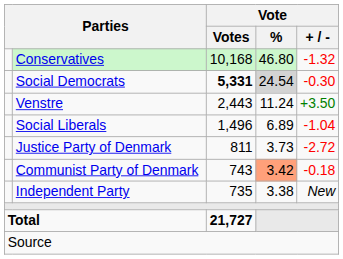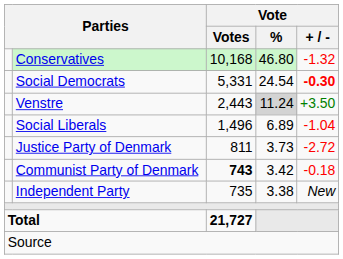 <table class="wikitable" style="text-align:right;">
 <tr>
 <th style="text-align:centre;" rowspan="2" colspan="2" width="225">Parties</th>
 <th colspan="3">Vote</th>
 </tr>
 <tr>
 <th width="15">Votes</th>
 <th width="15">%</th>
 <th width="15">+ / -</th>
 </tr>
 <tr>
 <td width="2" style="color:inherit;background:"></td>
 <td bgcolor=#ccf7cc  align="left"><a href='#'>Conservatives</a></td>
 <td bgcolor=#ccf7cc>10,168</td>
 <td bgcolor=#ccf7cc>46.80</td>
 <td style=color:red;>-1.32</td>
 </tr>
 <tr>
 <td width="2" style="color:inherit;background:"></td>
 <td align="left"><a href='#'>Social Democrats</a></td>
-<td><strong>5,331</strong></td>
-<td style="background: lightgrey;">24.54</td>
-<td style=color:red;>-0.30</td>
+<td>5,331</td>
+<td>24.54</td>
+<td style=color:red;><strong>-0.30</strong></td>
 </tr>
 <tr>
 <td width="2" style="color:inherit;background:"></td>
 <td align="left"><a href='#'>Venstre</a></td>
 <td>2,443</td>
-<td>11.24</td>
+<td style="background: lightgrey;">11.24</td>
 <td style=color:green;>+3.50</td>
 </tr>
 <tr>
 <td width="2" style="color:inherit;background:"></td>
 <td align="left"><a href='#'>Social Liberals</a></td>
 <td>1,496</td>
 <td>6.89</td>
 <td style=color:red;>-1.04</td>
 </tr>
 <tr>
 <td width="2" style="color:inherit;background:"></td>
 <td align="left"><a href='#'>Justice Party of Denmark</a></td>
 <td>811</td>
 <td>3.73</td>
 <td style=color:red;>-2.72</td>
 </tr>
 <tr>
 <td width="2" style="color:inherit;background:"></td>
 <td align="left"><a href='#'>Communist Party of Denmark</a></td>
-<td>743</td>
-<td style="background: lightsalmon;">3.42</td>
+<td><strong>743</strong></td>
+<td>3.42</td>
 <td style=color:red;>-0.18</td>
 </tr>
 <tr>
 <td width="2" style="color:inherit;background:"></td>
 <td align="left"><a href='#'>Independent Party</a></td>
 <td>735</td>
 <td>3.38</td>
 <td><em>New</em></td>
 </tr>
 <tr>
 <td colspan="7" bgcolor="#E9E9E9"></td>
 </tr>
 <tr>
 <td align="left" colspan="2"><strong>Total</strong></td>
 <td><strong>21,727</strong></td>
 <td bgcolor="#E9E9E9" colspan="2"></td>
 </tr>
 <tr>
 <td align="left" colspan="6">Source</td>
 </tr>
 </table>
